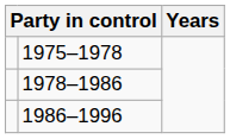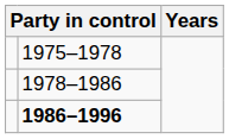 <table class="wikitable">
 <tr>
 <th colspan="2">Party in control</th>
 <th>Years</th>
 </tr>
 <tr>
 <td></td>
 <td>1975–1978</td>
 </tr>
 <tr>
 <td></td>
 <td>1978–1986</td>
 </tr>
 <tr>
 <td></td>
-<td>1986–1996</td>
+<td><strong>1986–1996</strong></td>
 </tr>
 </table>
